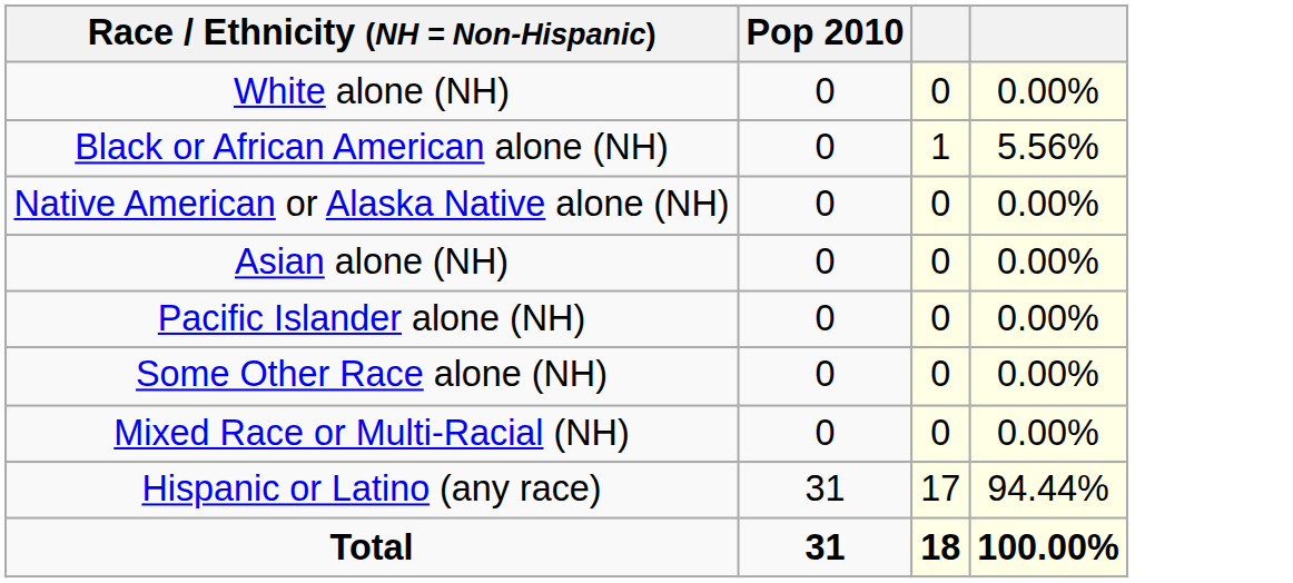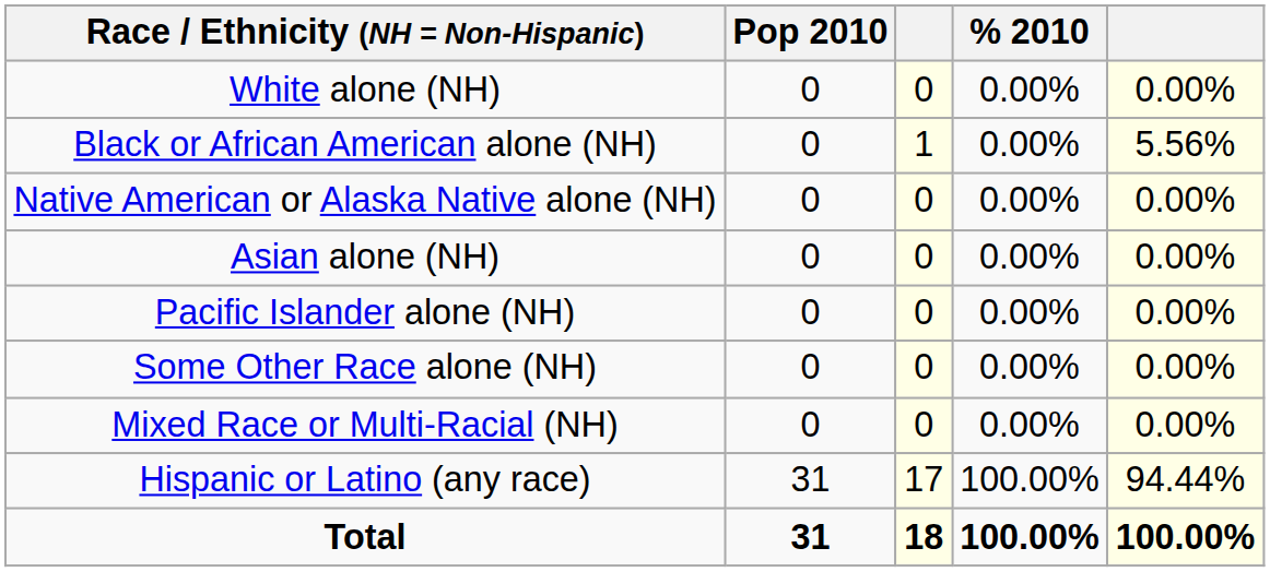 <table class="wikitable" style="text-align:center;">
 <tr>
 <th>Race / Ethnicity <small>(<em>NH = Non-Hispanic</em>)</small></th>
 <th>Pop 2010</th>
 <th></th>
+<th>% 2010</th>
 <th></th>
 </tr>
 <tr>
 <td><a href='#'>White</a> alone (NH)</td>
 <td>0</td>
 <td style='background: #ffffe6;'>0</td>
+<td>0.00%</td>
 <td style='background: #ffffe6;'>0.00%</td>
 </tr>
 <tr>
 <td><a href='#'>Black or African American</a> alone (NH)</td>
 <td>0</td>
 <td style='background: #ffffe6;'>1</td>
+<td>0.00%</td>
 <td style='background: #ffffe6;'>5.56%</td>
 </tr>
 <tr>
 <td><a href='#'>Native American</a> or <a href='#'>Alaska Native</a> alone (NH)</td>
 <td>0</td>
 <td style='background: #ffffe6;'>0</td>
+<td>0.00%</td>
 <td style='background: #ffffe6;'>0.00%</td>
 </tr>
 <tr>
 <td><a href='#'>Asian</a> alone (NH)</td>
 <td>0</td>
 <td style='background: #ffffe6;'>0</td>
+<td>0.00%</td>
 <td style='background: #ffffe6;'>0.00%</td>
 </tr>
 <tr>
 <td><a href='#'>Pacific Islander</a> alone (NH)</td>
 <td>0</td>
 <td style='background: #ffffe6;'>0</td>
+<td>0.00%</td>
 <td style='background: #ffffe6;'>0.00%</td>
 </tr>
 <tr>
 <td><a href='#'>Some Other Race</a> alone (NH)</td>
 <td>0</td>
 <td style='background: #ffffe6;'>0</td>
+<td>0.00%</td>
 <td style='background: #ffffe6;'>0.00%</td>
 </tr>
 <tr>
 <td><a href='#'>Mixed Race or Multi-Racial</a> (NH)</td>
 <td>0</td>
 <td style='background: #ffffe6;'>0</td>
+<td>0.00%</td>
 <td style='background: #ffffe6;'>0.00%</td>
 </tr>
 <tr>
 <td><a href='#'>Hispanic or Latino</a> (any race)</td>
 <td>31</td>
 <td style='background: #ffffe6;'>17</td>
+<td>100.00%</td>
 <td style='background: #ffffe6;'>94.44%</td>
 </tr>
 <tr>
 <td><strong>Total</strong></td>
 <td><strong>31</strong></td>
 <td style='background: #ffffe6;'><strong>18</strong></td>
+<td><strong>100.00%</strong></td>
 <td style='background: #ffffe6;'><strong>100.00%</strong></td>
 </tr>
 </table>
